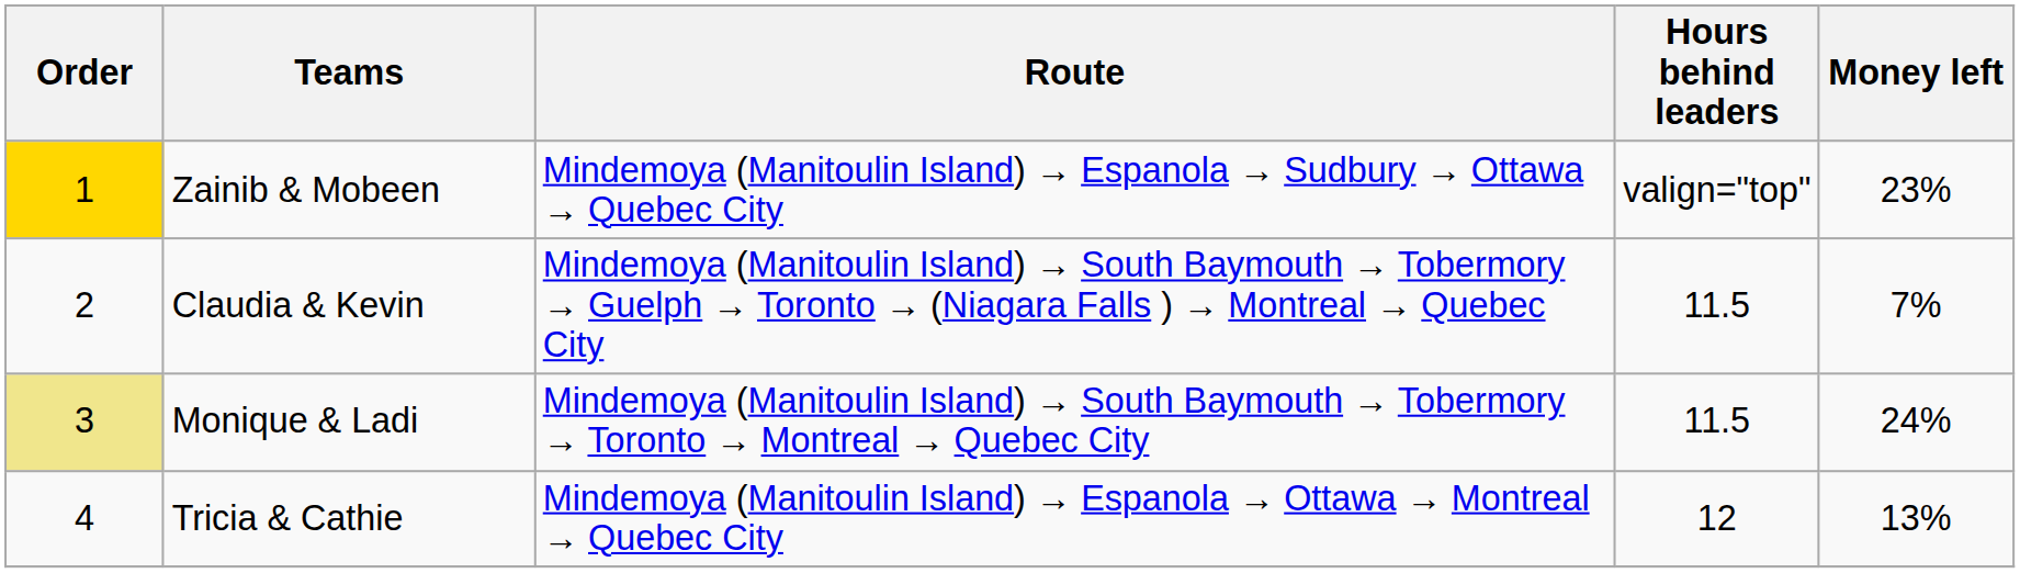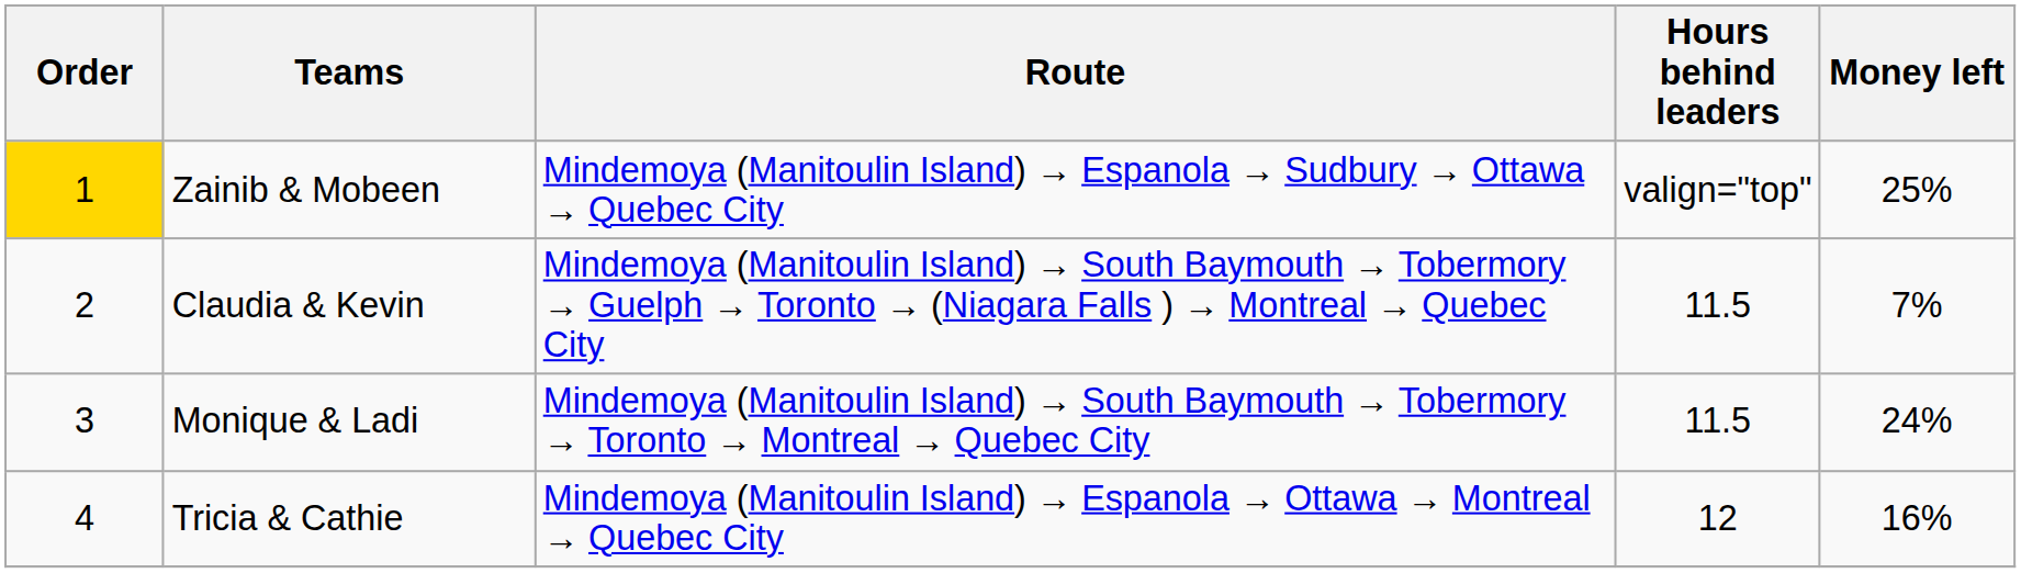 <table class="wikitable sortable" style="text-align:center">
 <tr>
 <th style="width:4em">Order</th>
 <th style="width:10em">Teams</th>
 <th style="width:30em">Route</th>
 <th style="width:5em">Hours behind leaders</th>
 <th style="width:5em">Money left</th>
 </tr>
 <tr>
 <td style="background: gold;">1</td>
 <td style="text-align:left">Zainib & Mobeen</td>
 <td style="text-align:left"><a href='#'>Mindemoya</a> (<a href='#'>Manitoulin Island</a>)  → <a href='#'>Espanola</a>  → <a href='#'>Sudbury</a>   → <a href='#'>Ottawa</a>   → <a href='#'>Quebec City</a></td>
 <td>valign="top" </td>
-<td>23%</td>
+<td>25%</td>
 </tr>
 <tr>
 <td>2</td>
 <td style="text-align:left">Claudia & Kevin</td>
 <td style="text-align:left"><a href='#'>Mindemoya</a> (<a href='#'>Manitoulin Island</a>) → <a href='#'>South Baymouth</a>  → <a href='#'>Tobermory</a>  → <a href='#'>Guelph</a> → <a href='#'>Toronto</a>   → (<a href='#'>Niagara Falls</a> )  → <a href='#'>Montreal</a>   → <a href='#'>Quebec City</a></td>
 <td>11.5</td>
 <td>7%</td>
 </tr>
 <tr>
-<td style="background: khaki;">3</td>
+<td>3</td>
 <td style="text-align:left">Monique & Ladi</td>
 <td style="text-align:left"><a href='#'>Mindemoya</a> (<a href='#'>Manitoulin Island</a>)  → <a href='#'>South Baymouth</a>  → <a href='#'>Tobermory</a>   → <a href='#'>Toronto</a>   → <a href='#'>Montreal</a>   → <a href='#'>Quebec City</a></td>
 <td>11.5</td>
 <td>24%</td>
 </tr>
 <tr>
 <td>4</td>
 <td style="text-align:left">Tricia & Cathie</td>
 <td style="text-align:left"><a href='#'>Mindemoya</a> (<a href='#'>Manitoulin Island</a>)  → <a href='#'>Espanola</a>  → <a href='#'>Ottawa</a>   → <a href='#'>Montreal</a>    → <a href='#'>Quebec City</a></td>
 <td>12</td>
-<td>13%</td>
+<td>16%</td>
 </tr>
 <tr>
 </tr>
 </table>
